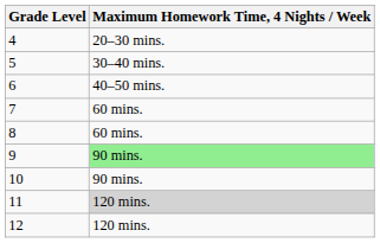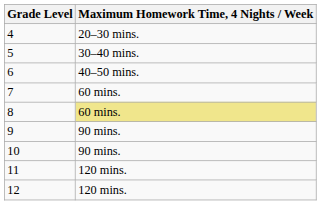 <table class="wikitable">
 <tr>
 <th>Grade Level</th>
 <th>Maximum Homework Time, 4 Nights / Week</th>
 </tr>
 <tr>
 <td>4</td>
 <td>20–30 mins.</td>
 </tr>
 <tr>
 <td>5</td>
 <td>30–40 mins.</td>
 </tr>
 <tr>
 <td>6</td>
 <td>40–50 mins.</td>
 </tr>
 <tr>
 <td>7</td>
 <td>60 mins.</td>
 </tr>
 <tr>
 <td>8</td>
-<td>60 mins.</td>
+<td style="background: khaki;">60 mins.</td>
 </tr>
 <tr>
 <td>9</td>
-<td style="background: lightgreen;">90 mins.</td>
+<td>90 mins.</td>
 </tr>
 <tr>
 <td>10</td>
 <td>90 mins.</td>
 </tr>
 <tr>
 <td>11</td>
-<td style="background: lightgrey;">120 mins.</td>
+<td>120 mins.</td>
 </tr>
 <tr>
 <td>12</td>
 <td>120 mins.</td>
 </tr>
 </table>
